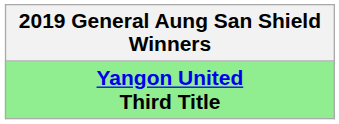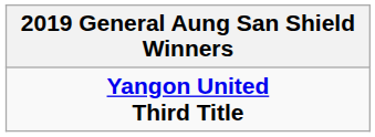 <table class="wikitable" style="text-align: center; margin: 0 auto; width: 20%">
 <tr>
 <th>2019 General Aung San Shield<br>Winners</th>
 </tr>
 <tr>
-<td align="center" style="background: lightgreen;"><strong><a href='#'>Yangon United</a></strong><br><strong>Third Title</strong></td>
+<td align="center"><strong><a href='#'>Yangon United</a></strong><br><strong>Third Title</strong></td>
 </tr>
 </table>
